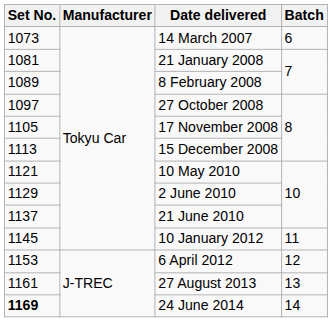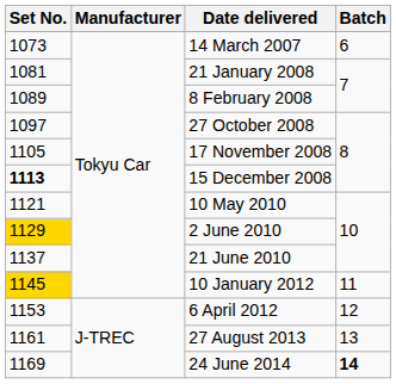 <table class="wikitable">
 <tr>
 <th>Set No.</th>
 <th>Manufacturer</th>
 <th>Date delivered</th>
 <th>Batch</th>
 </tr>
 <tr>
 <td>1073</td>
 <td rowspan="10">Tokyu Car</td>
 <td>14 March 2007</td>
 <td>6</td>
 </tr>
 <tr>
 <td>1081</td>
 <td>21 January 2008</td>
 <td rowspan="2">7</td>
 </tr>
 <tr>
 <td>1089</td>
 <td>8 February 2008</td>
 </tr>
 <tr>
 <td>1097</td>
 <td>27 October 2008</td>
 <td rowspan="3">8</td>
 </tr>
 <tr>
 <td>1105</td>
 <td>17 November 2008</td>
 </tr>
 <tr>
-<td>1113</td>
+<td><strong>1113</strong></td>
 <td>15 December 2008</td>
 </tr>
 <tr>
 <td>1121</td>
 <td>10 May 2010</td>
 <td rowspan="3">10</td>
 </tr>
 <tr>
-<td>1129</td>
+<td style="background: gold;">1129</td>
 <td>2 June 2010</td>
 </tr>
 <tr>
 <td>1137</td>
 <td>21 June 2010</td>
 </tr>
 <tr>
-<td>1145</td>
+<td style="background: gold;">1145</td>
 <td>10 January 2012</td>
 <td>11</td>
 </tr>
 <tr>
 <td>1153</td>
 <td rowspan="3">J-TREC</td>
 <td>6 April 2012</td>
 <td>12</td>
 </tr>
 <tr>
 <td>1161</td>
 <td>27 August 2013</td>
 <td>13</td>
 </tr>
 <tr>
-<td><strong>1169</strong></td>
+<td>1169</td>
 <td>24 June 2014</td>
-<td>14</td>
+<td><strong>14</strong></td>
 </tr>
 </table>
